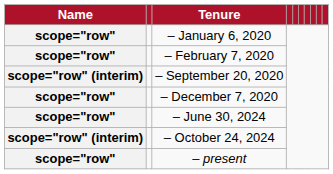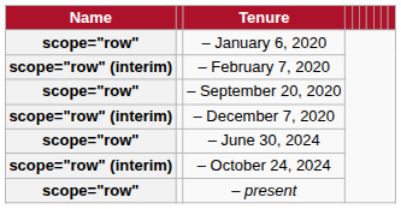 <table class="wikitable plainrowheaders sortable" style="text-align:center;">
 <tr>
 <th style="background:#AE122A; color:#FFF; ">Name</th>
 <th style="background:#AE122A; color:#FFF; "></th>
 <th style="background:#AE122A; color:#FFF; ">Tenure</th>
 <th style="background:#AE122A; color:#FFF; "></th>
 <th style="background:#AE122A; color:#FFF; "></th>
 <th style="background:#AE122A; color:#FFF; "></th>
 <th style="background:#AE122A; color:#FFF; "></th>
 <th style="background:#AE122A; color:#FFF; "></th>
 <th style="background:#AE122A; color:#FFF; "></th>
 <th style="background:#AE122A; color:#FFF; "></th>
 </tr>
 <tr>
 <th>scope="row" </th>
 <td></td>
 <td> – January 6, 2020<br></td>
 </tr>
 <tr>
-<th>scope="row" </th>
+<th>scope="row"  (interim)</th>
 <td></td>
 <td> – February 7, 2020<br></td>
 </tr>
 <tr>
-<th>scope="row"  (interim)</th>
+<th>scope="row" </th>
 <td></td>
 <td> – September 20, 2020<br></td>
 </tr>
 <tr>
-<th>scope="row" </th>
+<th>scope="row"  (interim)</th>
 <td></td>
 <td> – December 7, 2020<br></td>
 </tr>
 <tr>
 <th>scope="row" </th>
 <td></td>
 <td> – June 30, 2024<br></td>
 </tr>
 <tr>
 <th>scope="row"  (interim)</th>
 <td></td>
 <td> – October 24, 2024<br></td>
 </tr>
 <tr>
 <th>scope="row" </th>
 <td></td>
 <td> – <em>present</em><br></td>
 </tr>
 </table>
